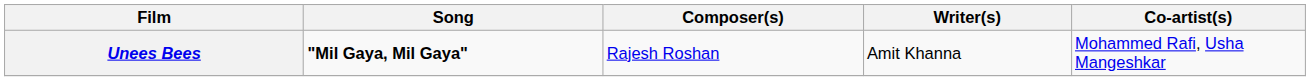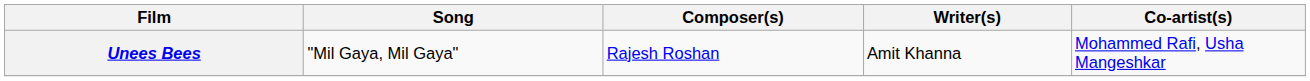 <table class="wikitable plainrowheaders" width="100%" textcolor:#000;">
 <tr>
 <th scope="col" width=23%>Film</th>
 <th scope="col" width=23%>Song</th>
 <th scope="col" width=20%>Composer(s)</th>
 <th scope="col" width=16%>Writer(s)</th>
 <th scope="col" width=18%>Co-artist(s)</th>
 </tr>
 <tr>
 <th><em><a href='#'>Unees Bees</a></em></th>
-<td><strong>"Mil Gaya, Mil Gaya"</strong></td>
+<td>"Mil Gaya, Mil Gaya"</td>
 <td><a href='#'>Rajesh Roshan</a></td>
 <td>Amit Khanna</td>
 <td><a href='#'>Mohammed Rafi</a>, <a href='#'>Usha Mangeshkar</a></td>
 </tr>
 <tr>
 </tr>
 </table>
